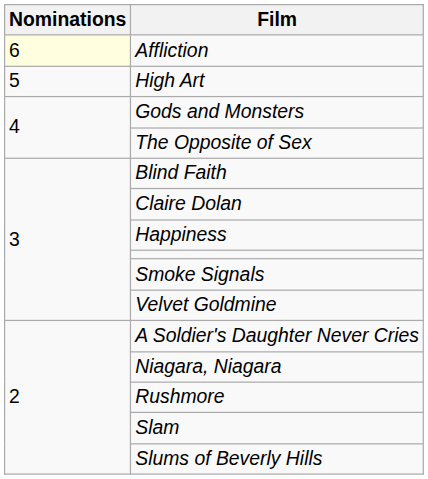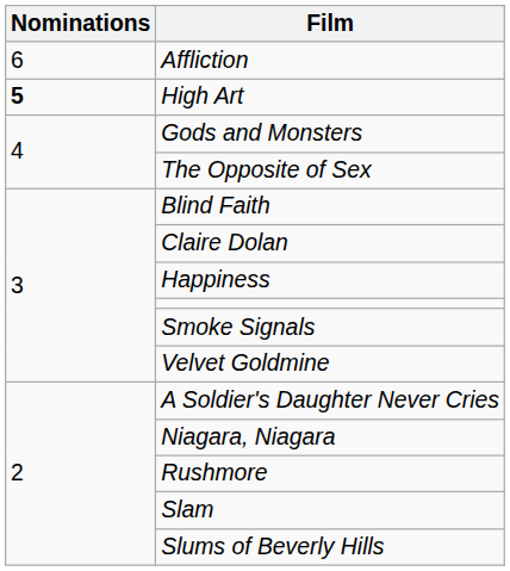 <table class="wikitable">
 <tr>
 <th>Nominations</th>
 <th>Film</th>
 </tr>
 <tr>
-<td style="background: lightyellow;">6</td>
+<td>6</td>
 <td><em>Affliction</em></td>
 </tr>
 <tr>
-<td>5</td>
+<td><strong>5</strong></td>
 <td><em>High Art</em></td>
 </tr>
 <tr>
 <td rowspan="2">4</td>
 <td><em>Gods and Monsters</em></td>
 </tr>
 <tr>
 <td><em>The Opposite of Sex</em></td>
 </tr>
 <tr>
 <td rowspan="6">3</td>
 <td><em>Blind Faith</em></td>
 </tr>
 <tr>
 <td><em>Claire Dolan</em></td>
 </tr>
 <tr>
 <td><em>Happiness</em></td>
 </tr>
 <tr>
 <td><em><big></big></em></td>
 </tr>
 <tr>
 <td><em>Smoke Signals</em></td>
 </tr>
 <tr>
 <td><em>Velvet Goldmine</em></td>
 </tr>
 <tr>
 <td rowspan="5">2</td>
 <td><em>A Soldier's Daughter Never Cries</em></td>
 </tr>
 <tr>
 <td><em>Niagara, Niagara</em></td>
 </tr>
 <tr>
 <td><em>Rushmore</em></td>
 </tr>
 <tr>
 <td><em>Slam</em></td>
 </tr>
 <tr>
 <td><em>Slums of Beverly Hills</em></td>
 </tr>
 </table>
